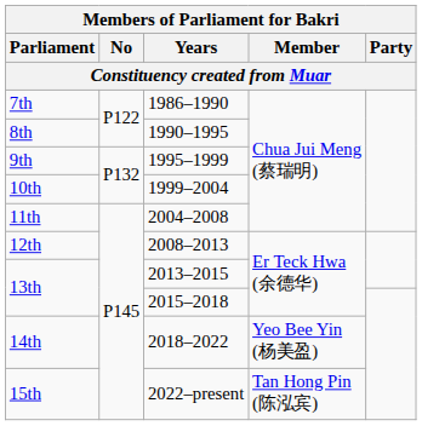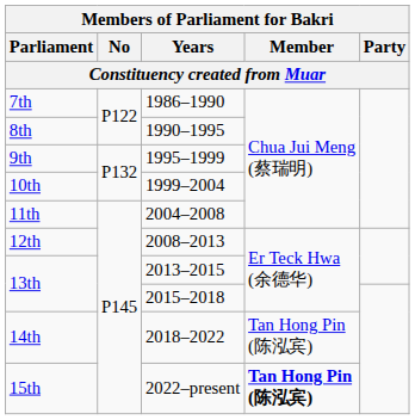 <table class=wikitable>
 <tr>
 <th colspan="5">Members of Parliament for Bakri</th>
 </tr>
 <tr>
 <th>Parliament</th>
 <th>No</th>
 <th>Years</th>
 <th>Member</th>
 <th>Party</th>
 </tr>
 <tr>
 <th colspan="5" align="center"><em>Constituency created from <a href='#'>Muar</a></em></th>
 </tr>
 <tr>
 <td><a href='#'>7th</a></td>
 <td rowspan="2">P122</td>
 <td>1986–1990</td>
 <td rowspan=5><a href='#'>Chua Jui Meng</a> <br> (蔡瑞明)</td>
 <td rowspan="5"></td>
 </tr>
 <tr>
 <td><a href='#'>8th</a></td>
 <td>1990–1995</td>
 </tr>
 <tr>
 <td><a href='#'>9th</a></td>
 <td rowspan="2">P132</td>
 <td>1995–1999</td>
 </tr>
 <tr>
 <td><a href='#'>10th</a></td>
 <td>1999–2004</td>
 </tr>
 <tr>
 <td><a href='#'>11th</a></td>
 <td rowspan=6>P145</td>
 <td>2004–2008</td>
 </tr>
 <tr>
 <td><a href='#'>12th</a></td>
 <td>2008–2013</td>
 <td rowspan=3><a href='#'>Er Teck Hwa</a> <br> (余德华)</td>
 <td rowspan="2"></td>
 </tr>
 <tr>
 <td rowspan=2><a href='#'>13th</a></td>
 <td>2013–2015</td>
 </tr>
 <tr>
 <td>2015–2018</td>
 <td rowspan=3></td>
 </tr>
 <tr>
 <td><a href='#'>14th</a></td>
 <td>2018–2022</td>
-<td><a href='#'>Yeo Bee Yin</a>  <br>(杨美盈)</td>
+<td><a href='#'>Tan Hong Pin</a> <br> (陈泓宾)</td>
 </tr>
 <tr>
 <td><a href='#'>15th</a></td>
 <td>2022–present</td>
-<td><a href='#'>Tan Hong Pin</a> <br> (陈泓宾)</td>
+<td><strong><a href='#'>Tan Hong Pin</a> <br> (陈泓宾)</strong></td>
 </tr>
 </table>
